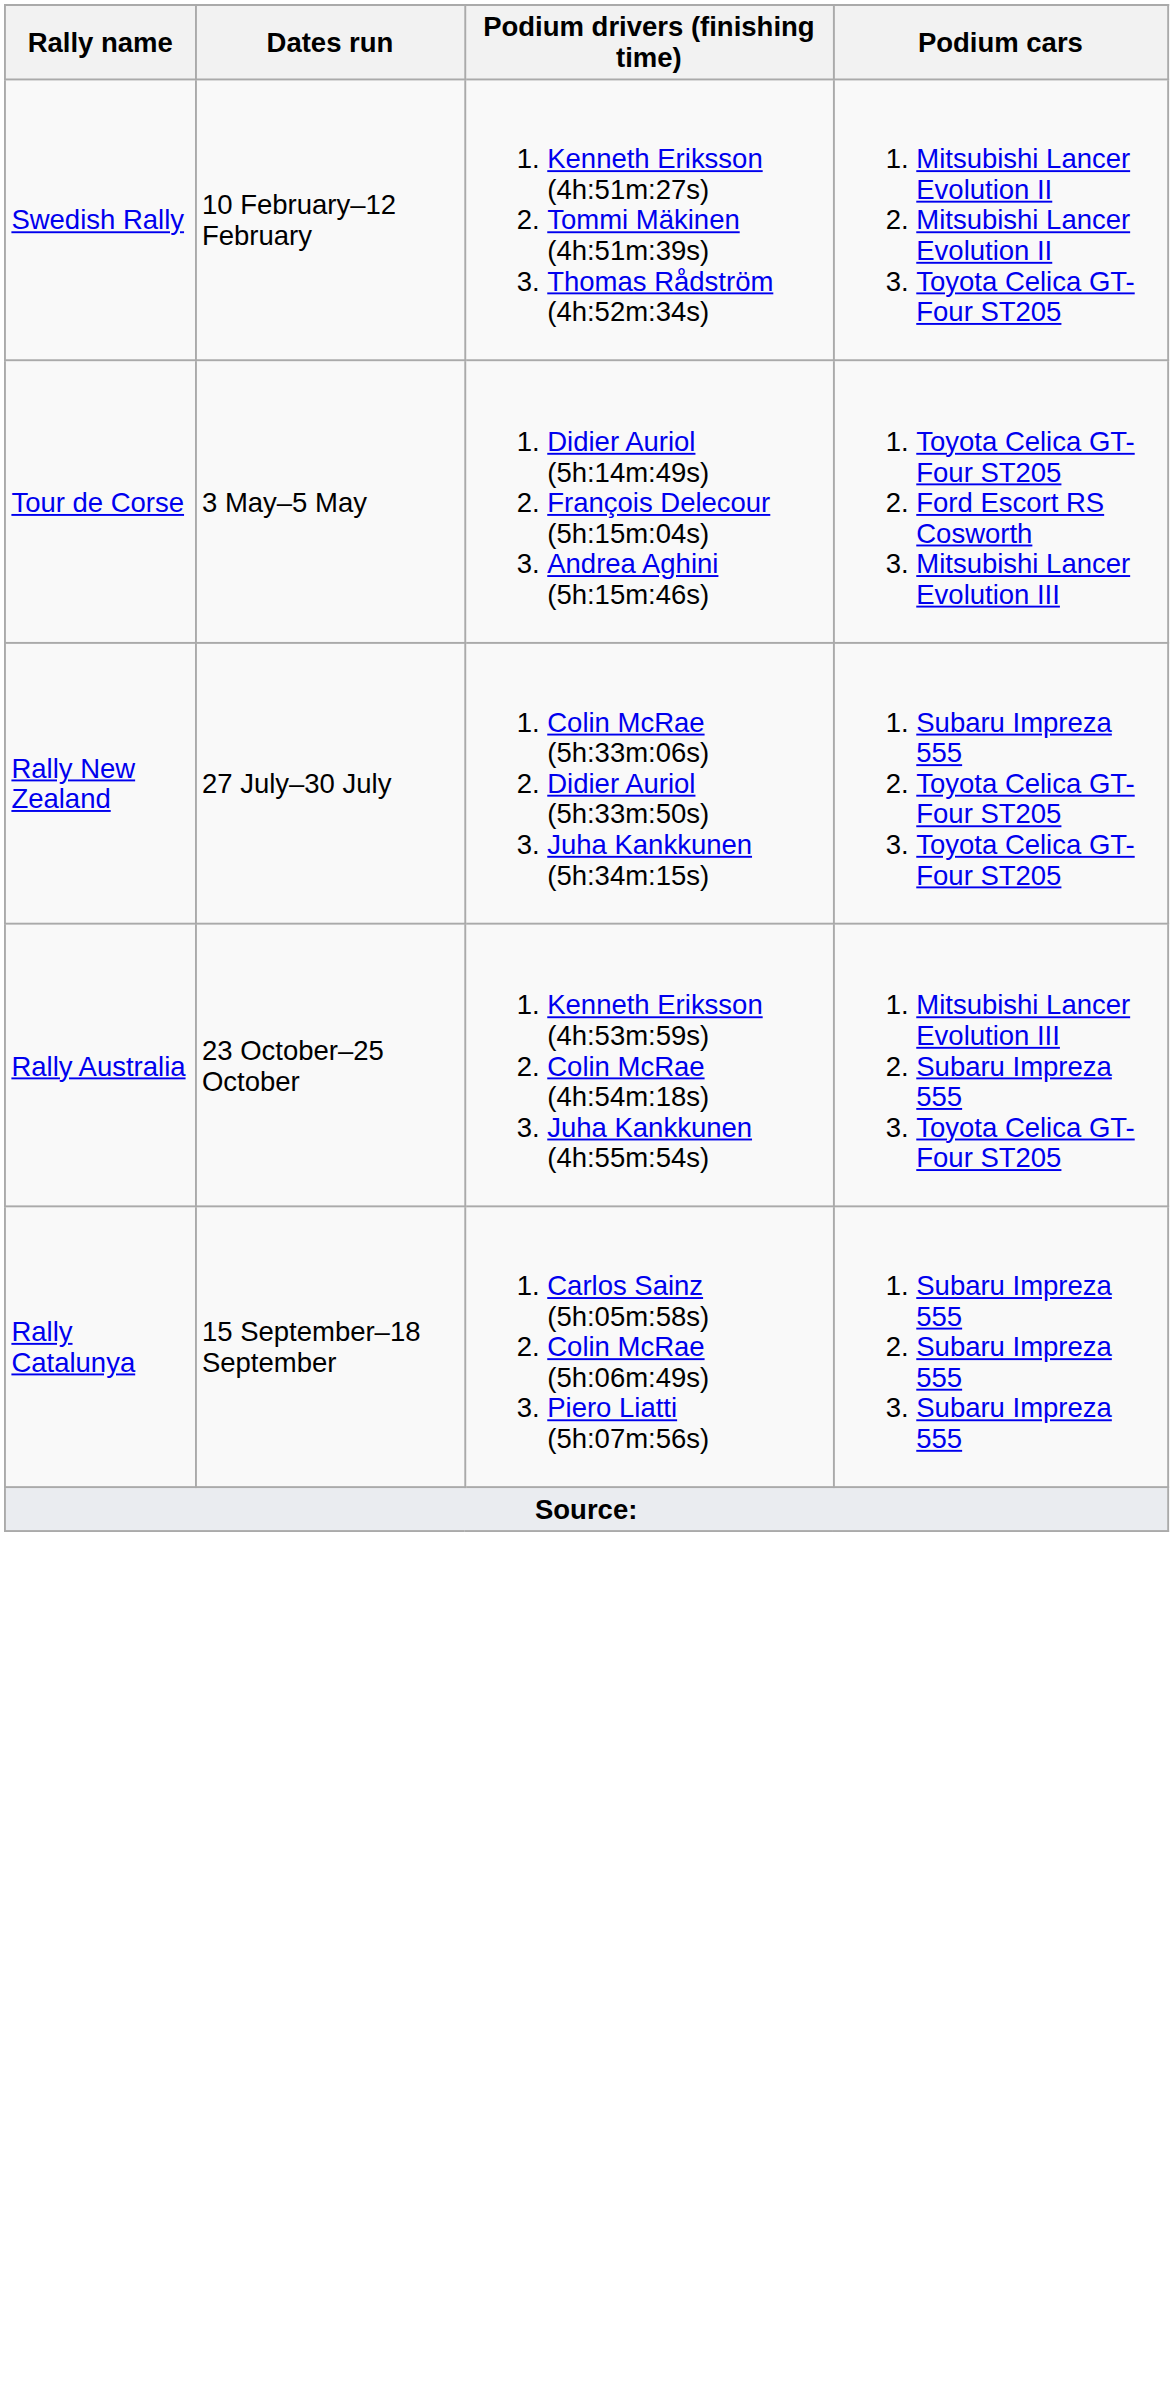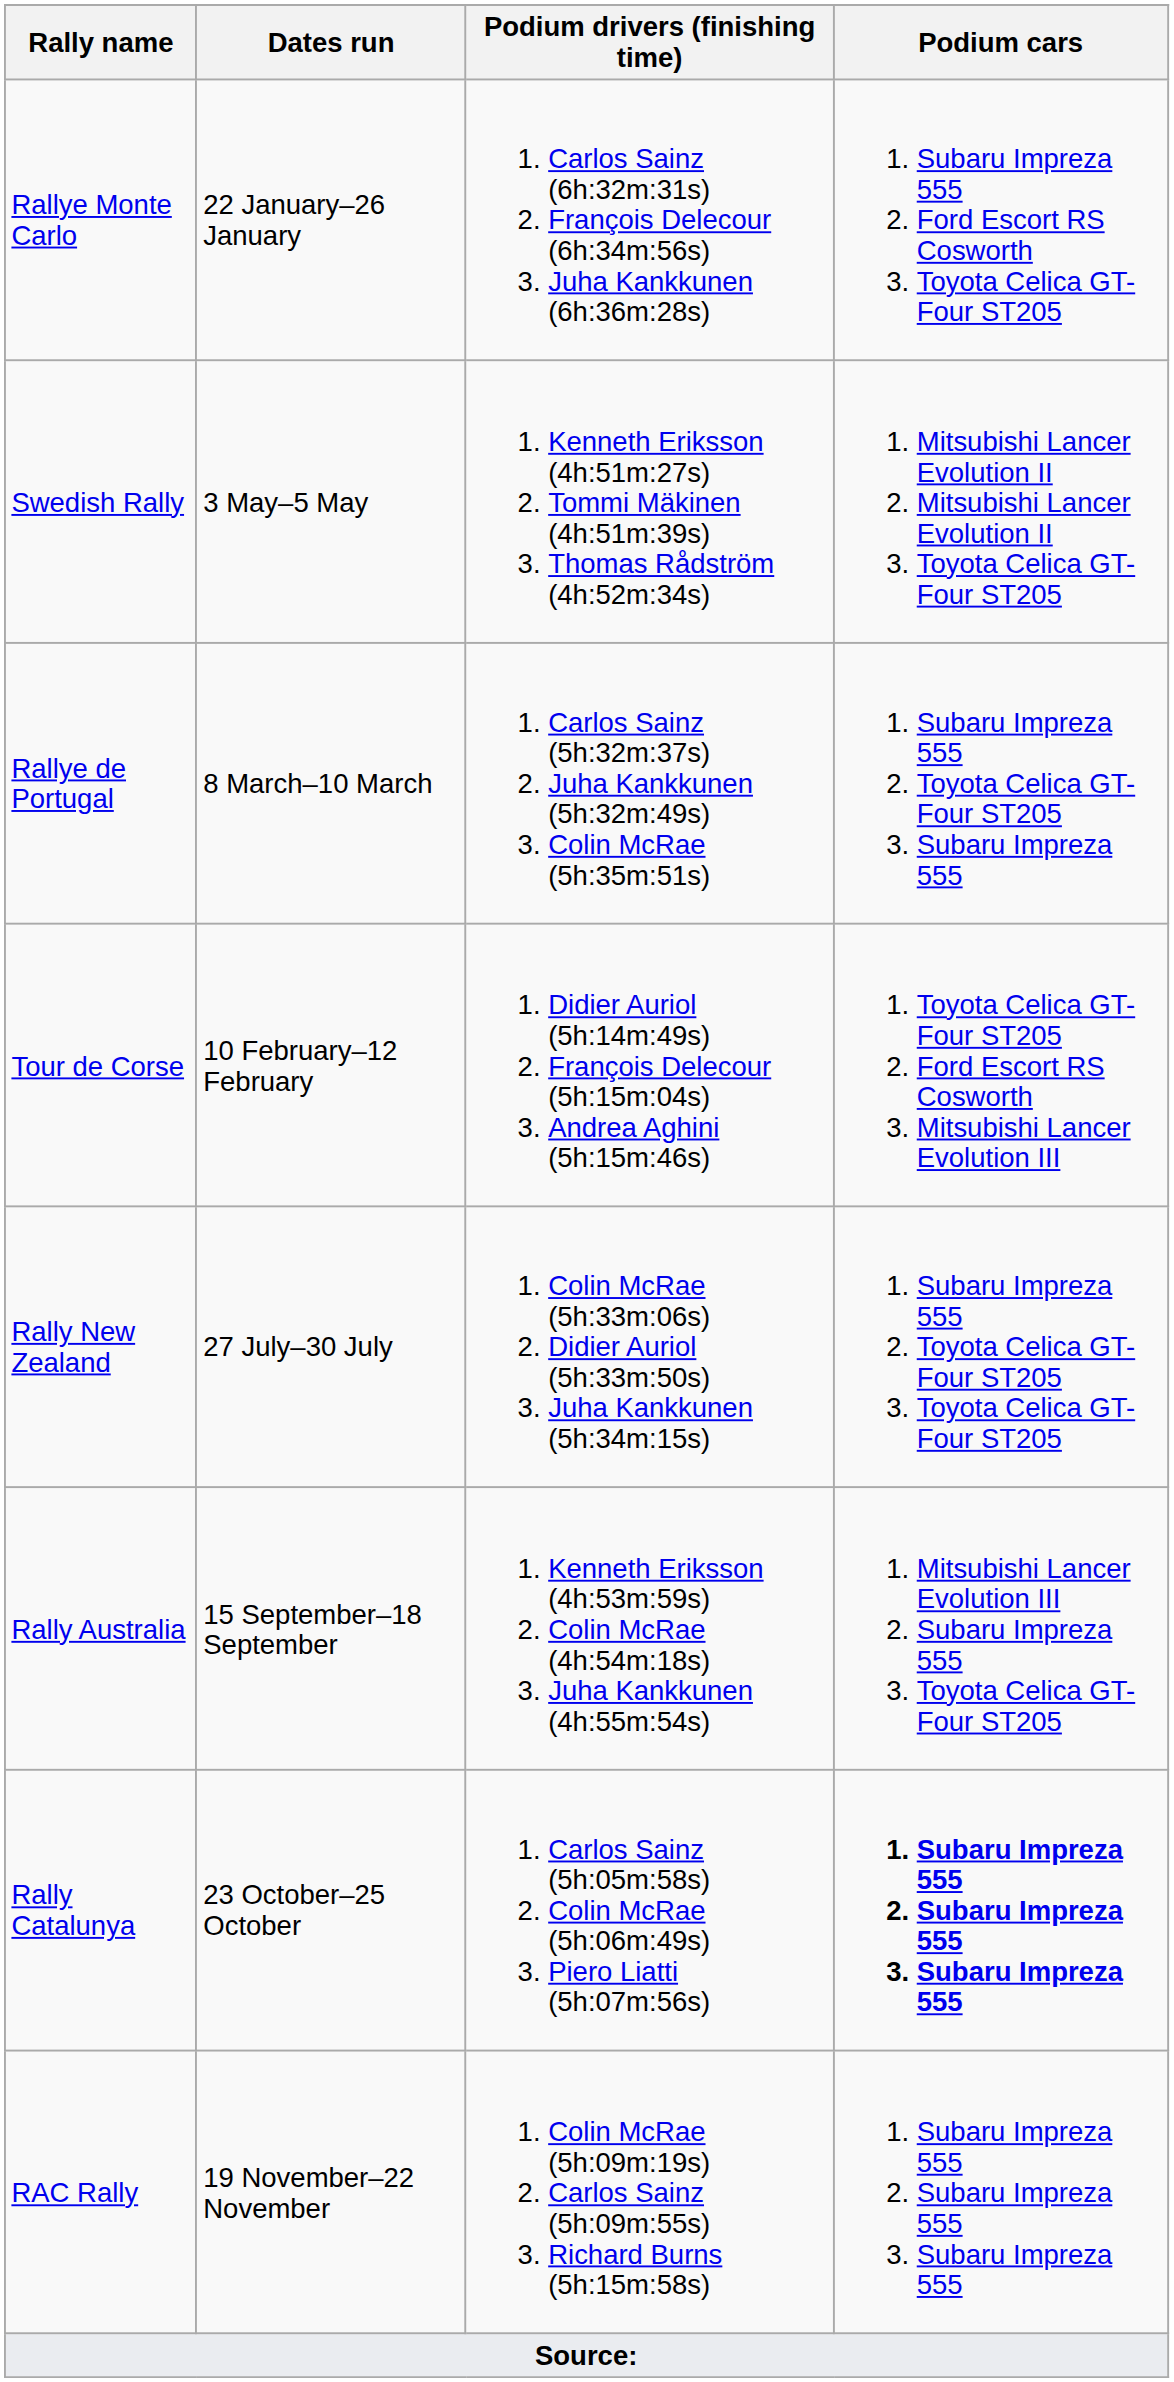 <table class="wikitable" align=center style="font-size:90%; max-width: 850px;">
 <tr>
 </tr>
 <tr style="background:#efefef;">
 <th colspan=1>Rally name</th>
 <th colspan=1>Dates run</th>
 <th colspan=1>Podium drivers (finishing time)</th>
 <th colspan=1>Podium cars</th>
 </tr>
 <tr>
+<td> <a href='#'>Rallye Monte Carlo</a></td>
+<td>22 January–26 January</td>
+<td><br><ol><li> <a href='#'>Carlos Sainz</a> (6h:32m:31s)</li><li> <a href='#'>François Delecour</a> (6h:34m:56s)</li><li> <a href='#'>Juha Kankkunen</a> (6h:36m:28s)</li></ol></td>
+<td><br><ol><li><a href='#'>Subaru Impreza 555</a></li><li><a href='#'>Ford Escort RS Cosworth</a></li><li><a href='#'>Toyota Celica GT-Four ST205</a></li></ol></td>
+</tr>
+<tr>
 <td> <a href='#'>Swedish Rally</a></td>
-<td>10 February–12 February</td>
+<td>3 May–5 May</td>
 <td><br><ol><li> <a href='#'>Kenneth Eriksson</a> (4h:51m:27s)</li><li> <a href='#'>Tommi Mäkinen</a> (4h:51m:39s)</li><li> <a href='#'>Thomas Rådström</a> (4h:52m:34s)</li></ol></td>
 <td><br><ol><li><a href='#'>Mitsubishi Lancer Evolution II</a></li><li><a href='#'>Mitsubishi Lancer Evolution II</a></li><li><a href='#'>Toyota Celica GT-Four ST205</a></li></ol></td>
 </tr>
 <tr>
+<td> <a href='#'>Rallye de Portugal</a></td>
+<td>8 March–10 March</td>
+<td><br><ol><li> <a href='#'>Carlos Sainz</a> (5h:32m:37s)</li><li> <a href='#'>Juha Kankkunen</a> (5h:32m:49s)</li><li> <a href='#'>Colin McRae</a> (5h:35m:51s)</li></ol></td>
+<td><br><ol><li><a href='#'>Subaru Impreza 555</a></li><li><a href='#'>Toyota Celica GT-Four ST205</a></li><li><a href='#'>Subaru Impreza 555</a></li></ol></td>
+</tr>
+<tr>
 <td> <a href='#'>Tour de Corse</a></td>
-<td>3 May–5 May</td>
+<td>10 February–12 February</td>
 <td><br><ol><li> <a href='#'>Didier Auriol</a> (5h:14m:49s)</li><li> <a href='#'>François Delecour</a> (5h:15m:04s)</li><li> <a href='#'>Andrea Aghini</a> (5h:15m:46s)</li></ol></td>
 <td><br><ol><li><a href='#'>Toyota Celica GT-Four ST205</a></li><li><a href='#'>Ford Escort RS Cosworth</a></li><li><a href='#'>Mitsubishi Lancer Evolution III</a></li></ol></td>
 </tr>
 <tr>
 <td> <a href='#'>Rally New Zealand</a></td>
 <td>27 July–30 July</td>
 <td><br><ol><li> <a href='#'>Colin McRae</a> (5h:33m:06s)</li><li> <a href='#'>Didier Auriol</a> (5h:33m:50s)</li><li> <a href='#'>Juha Kankkunen</a> (5h:34m:15s)</li></ol></td>
 <td><br><ol><li><a href='#'>Subaru Impreza 555</a></li><li><a href='#'>Toyota Celica GT-Four ST205</a></li><li><a href='#'>Toyota Celica GT-Four ST205</a></li></ol></td>
 </tr>
 <tr>
 <td> <a href='#'>Rally Australia</a></td>
-<td>23 October–25 October</td>
+<td>15 September–18 September</td>
 <td><br><ol><li> <a href='#'>Kenneth Eriksson</a> (4h:53m:59s)</li><li> <a href='#'>Colin McRae</a> (4h:54m:18s)</li><li> <a href='#'>Juha Kankkunen</a> (4h:55m:54s)</li></ol></td>
 <td><br><ol><li><a href='#'>Mitsubishi Lancer Evolution III</a></li><li><a href='#'>Subaru Impreza 555</a></li><li><a href='#'>Toyota Celica GT-Four ST205</a></li></ol></td>
 </tr>
 <tr>
 <td> <a href='#'>Rally Catalunya</a></td>
-<td>15 September–18 September</td>
+<td>23 October–25 October</td>
 <td><br><ol><li> <a href='#'>Carlos Sainz</a> (5h:05m:58s)</li><li> <a href='#'>Colin McRae</a> (5h:06m:49s)</li><li> <a href='#'>Piero Liatti</a> (5h:07m:56s)</li></ol></td>
+<td><strong><br><ol><li><a href='#'>Subaru Impreza 555</a></li><li><a href='#'>Subaru Impreza 555</a></li><li><a href='#'>Subaru Impreza 555</a></li></ol></strong></td>
+</tr>
+<tr>
+<td> <a href='#'>RAC Rally</a></td>
+<td>19 November–22 November</td>
+<td><br><ol><li> <a href='#'>Colin McRae</a> (5h:09m:19s)</li><li> <a href='#'>Carlos Sainz</a> (5h:09m:55s)</li><li> <a href='#'>Richard Burns</a> (5h:15m:58s)</li></ol></td>
 <td><br><ol><li><a href='#'>Subaru Impreza 555</a></li><li><a href='#'>Subaru Impreza 555</a></li><li><a href='#'>Subaru Impreza 555</a></li></ol></td>
 </tr>
 <tr>
 <td colspan="4" style="background-color:#EAECF0;text-align:center"><strong>Source:</strong></td>
 </tr>
 </table>
